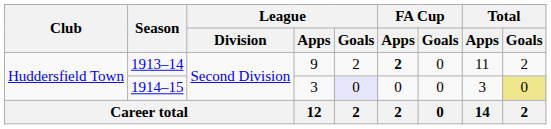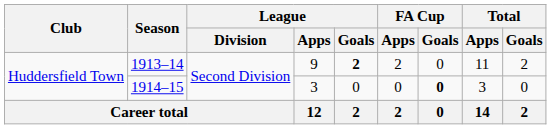 <table class="wikitable" style="text-align: center">
 <tr>
 <th rowspan="2">Club</th>
 <th rowspan="2">Season</th>
 <th colspan="3">League</th>
 <th colspan="2">FA Cup</th>
 <th colspan="2">Total</th>
 </tr>
 <tr>
 <th>Division</th>
 <th>Apps</th>
 <th>Goals</th>
 <th>Apps</th>
 <th>Goals</th>
 <th>Apps</th>
 <th>Goals</th>
 </tr>
 <tr>
 <td rowspan="2"><a href='#'>Huddersfield Town</a></td>
 <td><a href='#'>1913–14</a></td>
 <td rowspan="2"><a href='#'>Second Division</a></td>
 <td>9</td>
+<td><strong>2</strong></td>
 <td>2</td>
-<td><strong>2</strong></td>
 <td>0</td>
 <td>11</td>
 <td>2</td>
 </tr>
 <tr>
 <td><a href='#'>1914–15</a></td>
 <td>3</td>
-<td style="background: lavender;">0</td>
 <td>0</td>
 <td>0</td>
+<td><strong>0</strong></td>
 <td>3</td>
-<td style="background: khaki;">0</td>
+<td>0</td>
 </tr>
 <tr>
 <th colspan="3">Career total</th>
 <th>12</th>
 <th>2</th>
 <th>2</th>
 <th>0</th>
 <th>14</th>
 <th>2</th>
 </tr>
 </table>
